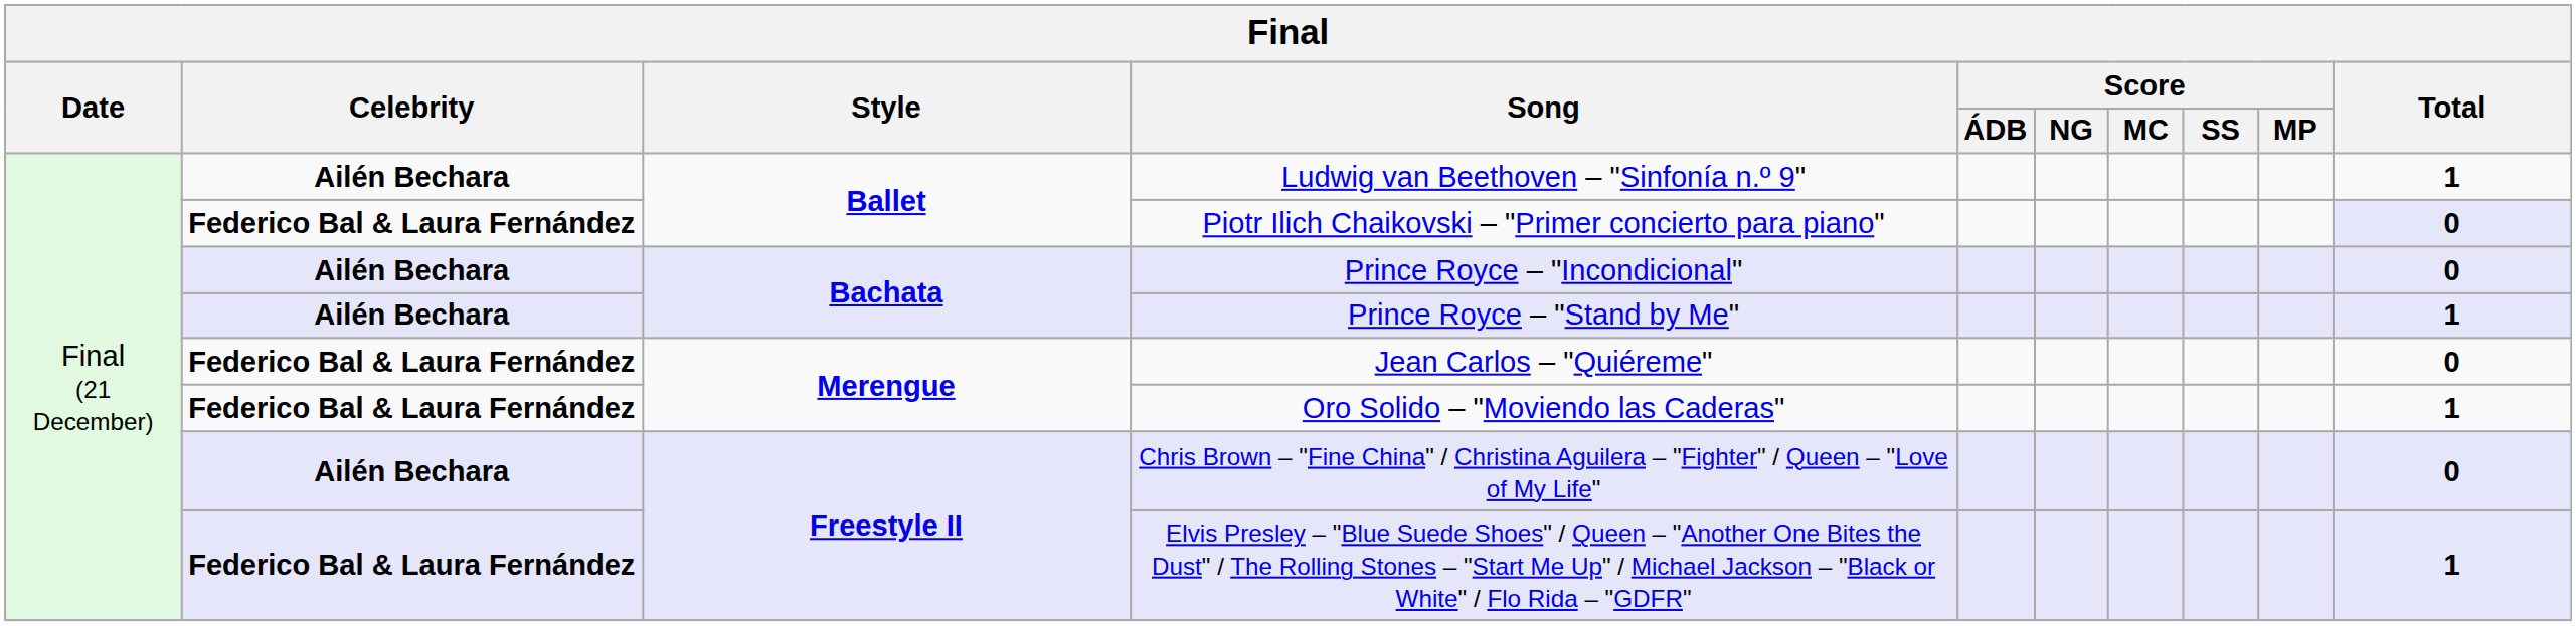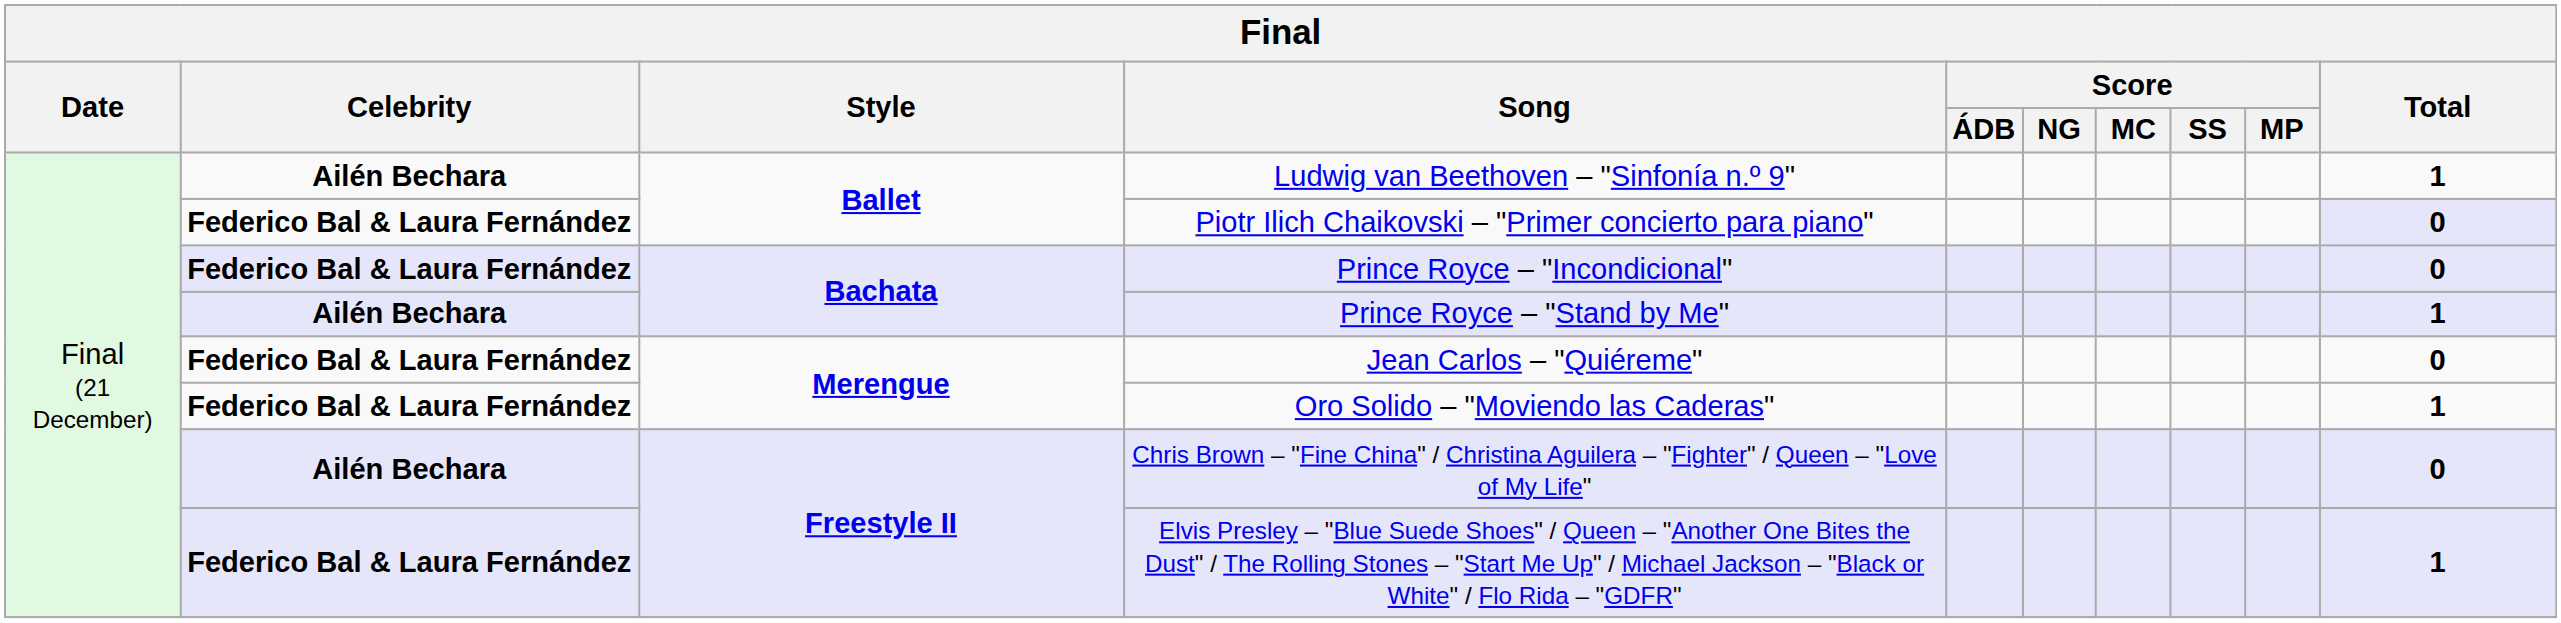 <table class="wikitable collapsible collapsed" style="font-size:90%; text-align: center; width: 100%;">
 <tr>
 <th colspan="11" style="with: 95%;" align=center><big>Final</big></th>
 </tr>
 <tr>
 <th width=80 rowspan="2">Date</th>
 <th width=220 rowspan="2">Celebrity</th>
 <th rowspan="2">Style</th>
 <th width=400 rowspan="2">Song</th>
 <th colspan="5">Score</th>
 <th rowspan="2">Total</th>
 </tr>
 <tr>
 <th width=30>ÁDB</th>
 <th width=30>NG</th>
 <th width=30>MC</th>
 <th width=30>SS</th>
 <th width=30>MP</th>
 </tr>
 <tr>
 <td rowspan="8" style="text-align:center; background:#E0F9E0">Final <br> <small>(21 December)</small></td>
 <td><strong>Ailén Bechara</strong></td>
 <td rowspan="2"><strong><a href='#'>Ballet</a></strong></td>
 <td><a href='#'>Ludwig van Beethoven</a> – "<a href='#'>Sinfonía n.º 9</a>"</td>
 <td></td>
 <td></td>
 <td></td>
 <td></td>
 <td></td>
 <td><strong>1</strong></td>
 </tr>
 <tr>
 <td><strong>Federico Bal & Laura Fernández</strong></td>
 <td><a href='#'>Piotr Ilich Chaikovski</a> – "<a href='#'>Primer concierto para piano</a>"</td>
 <td></td>
 <td></td>
 <td></td>
 <td></td>
 <td></td>
 <td style="background: lavender;"><strong>0</strong></td>
 </tr>
 <tr style="background:lavender;">
-<td><strong>Ailén Bechara</strong></td>
+<td><strong>Federico Bal & Laura Fernández</strong></td>
 <td rowspan="2"><strong><a href='#'>Bachata</a></strong></td>
 <td><a href='#'>Prince Royce</a> – "<a href='#'>Incondicional</a>"</td>
 <td></td>
 <td></td>
 <td></td>
 <td></td>
 <td></td>
 <td><strong>0</strong></td>
 </tr>
 <tr style="background:lavender;">
 <td><strong>Ailén Bechara</strong></td>
 <td><a href='#'>Prince Royce</a> – "<a href='#'>Stand by Me</a>"</td>
 <td></td>
 <td></td>
 <td></td>
 <td></td>
 <td></td>
 <td><strong>1</strong></td>
 </tr>
 <tr>
 <td><strong>Federico Bal & Laura Fernández</strong></td>
 <td rowspan="2"><strong><a href='#'>Merengue</a></strong></td>
 <td><a href='#'>Jean Carlos</a> – "<a href='#'>Quiéreme</a>"</td>
 <td></td>
 <td></td>
 <td></td>
 <td></td>
 <td></td>
 <td><strong>0</strong></td>
 </tr>
 <tr>
 <td><strong>Federico Bal & Laura Fernández</strong></td>
 <td><a href='#'>Oro Solido</a> – "<a href='#'>Moviendo las Caderas</a>"</td>
 <td></td>
 <td></td>
 <td></td>
 <td></td>
 <td></td>
 <td><strong>1</strong></td>
 </tr>
 <tr style="background:lavender;">
 <td><strong>Ailén Bechara</strong></td>
 <td rowspan="2"><strong><a href='#'>Freestyle II</a></strong></td>
 <td><small><a href='#'>Chris Brown</a> – "<a href='#'>Fine China</a>" / <a href='#'>Christina Aguilera</a> – "<a href='#'>Fighter</a>" / <a href='#'>Queen</a> – "<a href='#'>Love of My Life</a>"</small></td>
 <td></td>
 <td></td>
 <td></td>
 <td></td>
 <td></td>
 <td><strong>0</strong></td>
 </tr>
 <tr style="background:lavender;">
 <td><strong>Federico Bal & Laura Fernández</strong></td>
 <td><small><a href='#'>Elvis Presley</a> – "<a href='#'>Blue Suede Shoes</a>" / <a href='#'>Queen</a> – "<a href='#'>Another One Bites the Dust</a>" / <a href='#'>The Rolling Stones</a> – "<a href='#'>Start Me Up</a>" / <a href='#'>Michael Jackson</a> – "<a href='#'>Black or White</a>" / <a href='#'>Flo Rida</a> – "<a href='#'>GDFR</a>"</small></td>
 <td></td>
 <td></td>
 <td></td>
 <td></td>
 <td></td>
 <td><strong>1</strong></td>
 </tr>
 </table>
